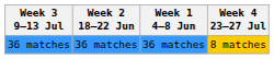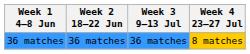 <table class="wikitable" style="margin:0.9em auto; font-size:90%; line-height:1.25em; width:800">
 <tr>
+<th>Week 1<br>4–8 Jun</th>
+<th>Week 2<br>18–22 Jun</th>
 <th>Week 3<br>9–13 Jul</th>
-<th>Week 2<br>18–22 Jun</th>
-<th>Week 1<br>4–8 Jun</th>
 <th>Week 4<br>23–27 Jul</th>
 </tr>
 <tr align="center">
 <td bgcolor=#3399ff>36 matches</td>
 <td bgcolor=#3399ff>36 matches</td>
 <td bgcolor=#3399ff>36 matches</td>
 <td bgcolor=#ffcc00>8 matches</td>
 </tr>
 </table>
